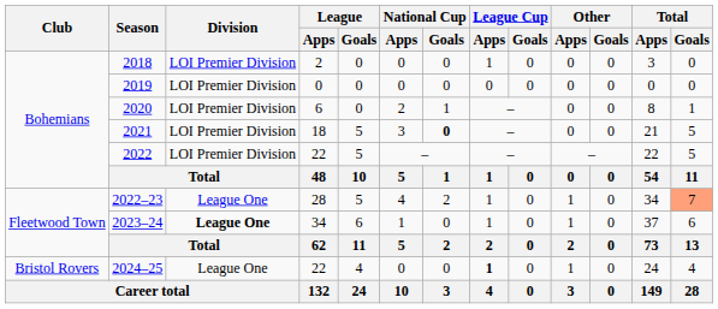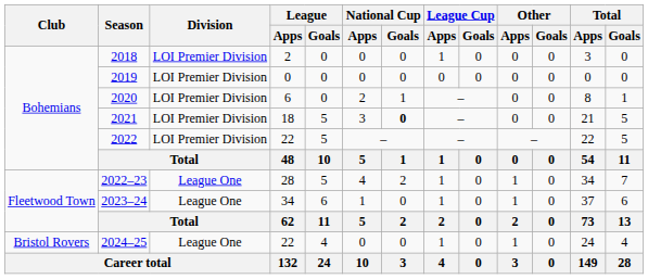 <table class="wikitable" style="text-align:center">
 <tr>
 <th rowspan="2">Club</th>
 <th rowspan="2">Season</th>
 <th rowspan="2">Division</th>
 <th colspan="2">League</th>
 <th colspan="2">National Cup</th>
 <th colspan="2"><a href='#'>League Cup</a></th>
 <th colspan="2">Other</th>
 <th colspan="2">Total</th>
 </tr>
 <tr>
 <th>Apps</th>
 <th>Goals</th>
 <th>Apps</th>
 <th>Goals</th>
 <th>Apps</th>
 <th>Goals</th>
 <th>Apps</th>
 <th>Goals</th>
 <th>Apps</th>
 <th>Goals</th>
 </tr>
 <tr>
 <td rowspan="6"><a href='#'>Bohemians</a></td>
 <td><a href='#'>2018</a></td>
 <td><a href='#'>LOI Premier Division</a></td>
 <td>2</td>
 <td>0</td>
 <td>0</td>
 <td>0</td>
 <td>1</td>
 <td>0</td>
 <td>0</td>
 <td>0</td>
 <td>3</td>
 <td>0</td>
 </tr>
 <tr>
 <td><a href='#'>2019</a></td>
 <td>LOI Premier Division</td>
 <td>0</td>
 <td>0</td>
 <td>0</td>
 <td>0</td>
 <td>0</td>
 <td>0</td>
 <td>0</td>
 <td>0</td>
 <td>0</td>
 <td>0</td>
 </tr>
 <tr>
 <td><a href='#'>2020</a></td>
 <td>LOI Premier Division</td>
 <td>6</td>
 <td>0</td>
 <td>2</td>
 <td>1</td>
 <td colspan="2">–</td>
 <td>0</td>
 <td>0</td>
 <td>8</td>
 <td>1</td>
 </tr>
 <tr>
 <td><a href='#'>2021</a></td>
 <td>LOI Premier Division</td>
 <td>18</td>
 <td>5</td>
 <td>3</td>
 <td><strong>0</strong></td>
 <td colspan="2">–</td>
 <td>0</td>
 <td>0</td>
 <td>21</td>
 <td>5</td>
 </tr>
 <tr>
 <td><a href='#'>2022</a></td>
 <td>LOI Premier Division</td>
 <td>22</td>
 <td>5</td>
 <td colspan="2">–</td>
 <td colspan="2">–</td>
 <td colspan="2">–</td>
 <td>22</td>
 <td>5</td>
 </tr>
 <tr>
 <th colspan="2">Total</th>
 <th>48</th>
 <th>10</th>
 <th>5</th>
 <th>1</th>
 <th>1</th>
 <th>0</th>
 <th>0</th>
 <th>0</th>
 <th>54</th>
 <th>11</th>
 </tr>
 <tr>
 <td rowspan="3"><a href='#'>Fleetwood Town</a></td>
 <td><a href='#'>2022–23</a></td>
 <td><a href='#'>League One</a></td>
 <td>28</td>
 <td>5</td>
 <td>4</td>
 <td>2</td>
 <td>1</td>
 <td>0</td>
 <td>1</td>
 <td>0</td>
 <td>34</td>
-<td style="background: lightsalmon;">7</td>
+<td>7</td>
 </tr>
 <tr>
 <td><a href='#'>2023–24</a></td>
-<td><strong>League One</strong></td>
+<td>League One</td>
 <td>34</td>
 <td>6</td>
 <td>1</td>
 <td>0</td>
 <td>1</td>
 <td>0</td>
 <td>1</td>
 <td>0</td>
 <td>37</td>
 <td>6</td>
 </tr>
 <tr>
 <th colspan="2">Total</th>
 <th>62</th>
 <th>11</th>
 <th>5</th>
 <th>2</th>
 <th>2</th>
 <th>0</th>
 <th>2</th>
 <th>0</th>
 <th>73</th>
 <th>13</th>
 </tr>
 <tr>
 <td><a href='#'>Bristol Rovers</a></td>
 <td><a href='#'>2024–25</a></td>
 <td>League One</td>
 <td>22</td>
 <td>4</td>
 <td>0</td>
 <td>0</td>
-<td><strong>1</strong></td>
+<td>1</td>
 <td>0</td>
 <td>1</td>
 <td>0</td>
 <td>24</td>
 <td>4</td>
 </tr>
 <tr>
 <th colspan="3">Career total</th>
 <th>132</th>
 <th>24</th>
 <th>10</th>
 <th>3</th>
 <th>4</th>
 <th>0</th>
 <th>3</th>
 <th>0</th>
 <th>149</th>
 <th>28</th>
 </tr>
 </table>
